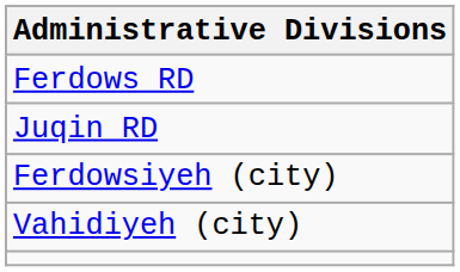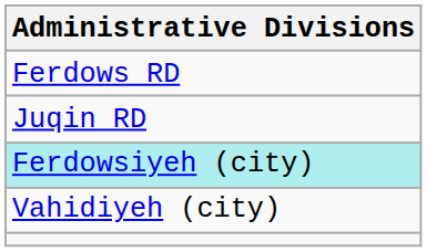 <table class="wikitable">
 <tr>
 <th>Administrative Divisions</th>
 </tr>
 <tr>
 <td><a href='#'>Ferdows RD</a></td>
 </tr>
 <tr>
 <td><a href='#'>Juqin RD</a></td>
 </tr>
 <tr>
-<td><a href='#'>Ferdowsiyeh</a> (city)</td>
+<td style="background: paleturquoise;"><a href='#'>Ferdowsiyeh</a> (city)</td>
 </tr>
 <tr>
 <td><a href='#'>Vahidiyeh</a> (city)</td>
 </tr>
 <tr>
 <td colspan=1></td>
 </tr>
 </table>
